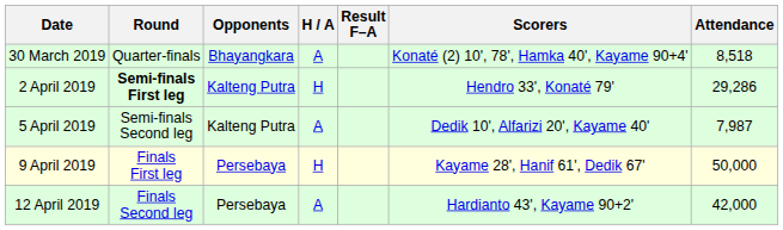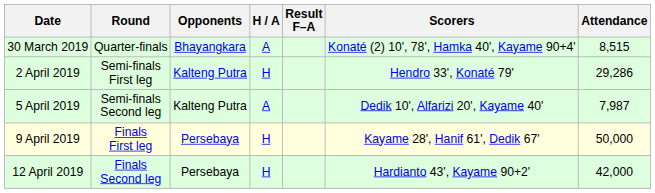 <table class="wikitable" style="text-align:center">
 <tr>
 <th>Date</th>
 <th>Round</th>
 <th>Opponents</th>
 <th>H / A</th>
 <th>Result<br>F–A</th>
 <th>Scorers</th>
 <th>Attendance</th>
 </tr>
 <tr style="background:#ddffdd">
 <td>30 March 2019</td>
 <td>Quarter-finals</td>
 <td><a href='#'>Bhayangkara</a></td>
 <td><a href='#'>A</a></td>
 <td></td>
 <td><a href='#'>Konaté</a> (2) 10', 78', <a href='#'>Hamka</a> 40', <a href='#'>Kayame</a> 90+4'</td>
-<td>8,518</td>
+<td>8,515</td>
 </tr>
 <tr style="background:#ddffdd">
 <td>2 April 2019</td>
-<td><strong>Semi-finals<br>First leg</strong></td>
+<td>Semi-finals<br>First leg</td>
 <td><a href='#'>Kalteng Putra</a></td>
 <td><a href='#'>H</a></td>
 <td></td>
 <td><a href='#'>Hendro</a> 33', <a href='#'>Konaté</a> 79'</td>
 <td>29,286</td>
 </tr>
 <tr style="background:#ddffdd">
 <td>5 April 2019</td>
 <td>Semi-finals<br>Second leg</td>
 <td>Kalteng Putra</td>
 <td><a href='#'>A</a></td>
 <td></td>
 <td><a href='#'>Dedik</a> 10', <a href='#'>Alfarizi</a> 20', <a href='#'>Kayame</a> 40'</td>
 <td>7,987</td>
 </tr>
 <tr style="background:#ffffdd">
 <td>9 April 2019</td>
 <td><a href='#'>Finals<br>First leg</a></td>
 <td><a href='#'>Persebaya</a></td>
 <td><a href='#'>H</a></td>
 <td></td>
 <td><a href='#'>Kayame</a> 28', <a href='#'>Hanif</a> 61', <a href='#'>Dedik</a> 67'</td>
 <td>50,000</td>
 </tr>
 <tr style="background:#ddffdd">
 <td>12 April 2019</td>
 <td><a href='#'>Finals<br>Second leg</a></td>
 <td>Persebaya</td>
-<td><a href='#'>A</a></td>
+<td><a href='#'>H</a></td>
 <td></td>
 <td><a href='#'>Hardianto</a> 43', <a href='#'>Kayame</a> 90+2'</td>
 <td>42,000</td>
 </tr>
 </table>
